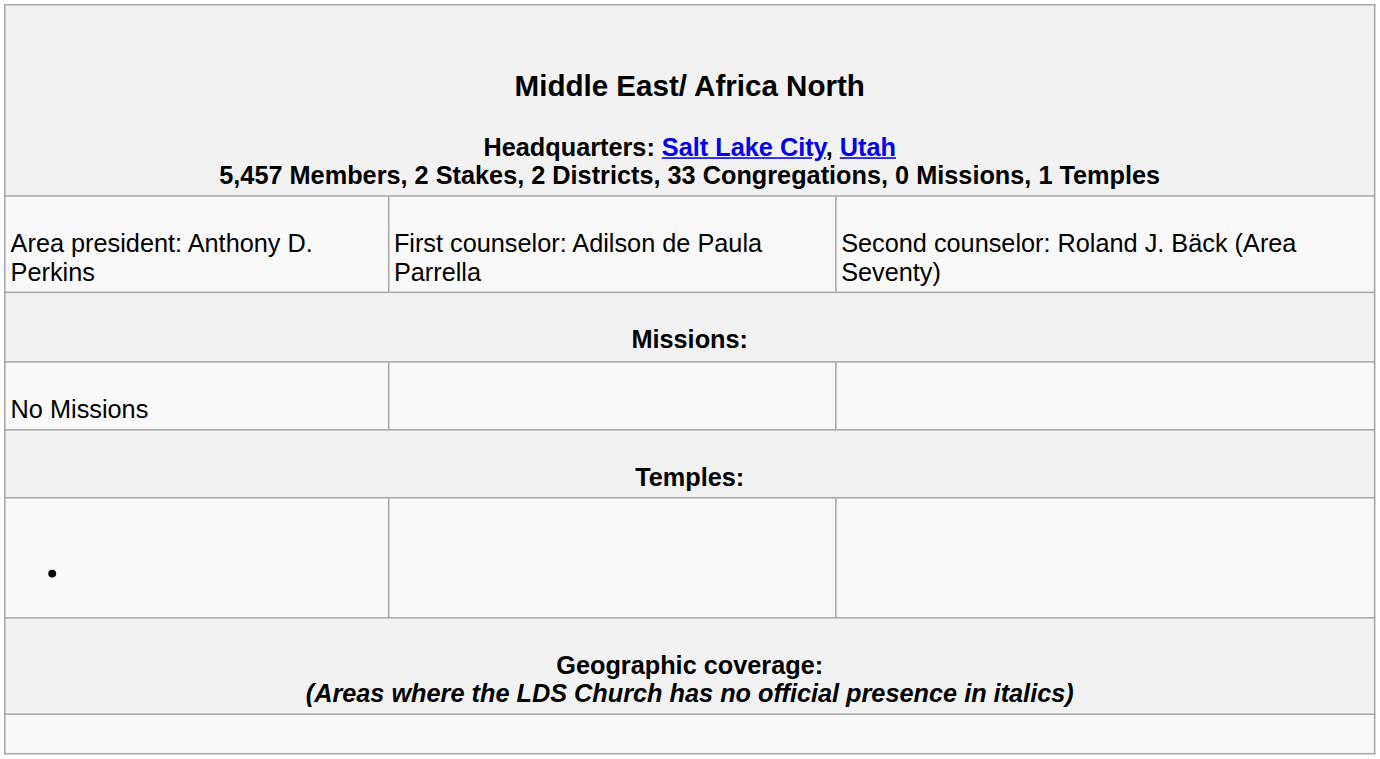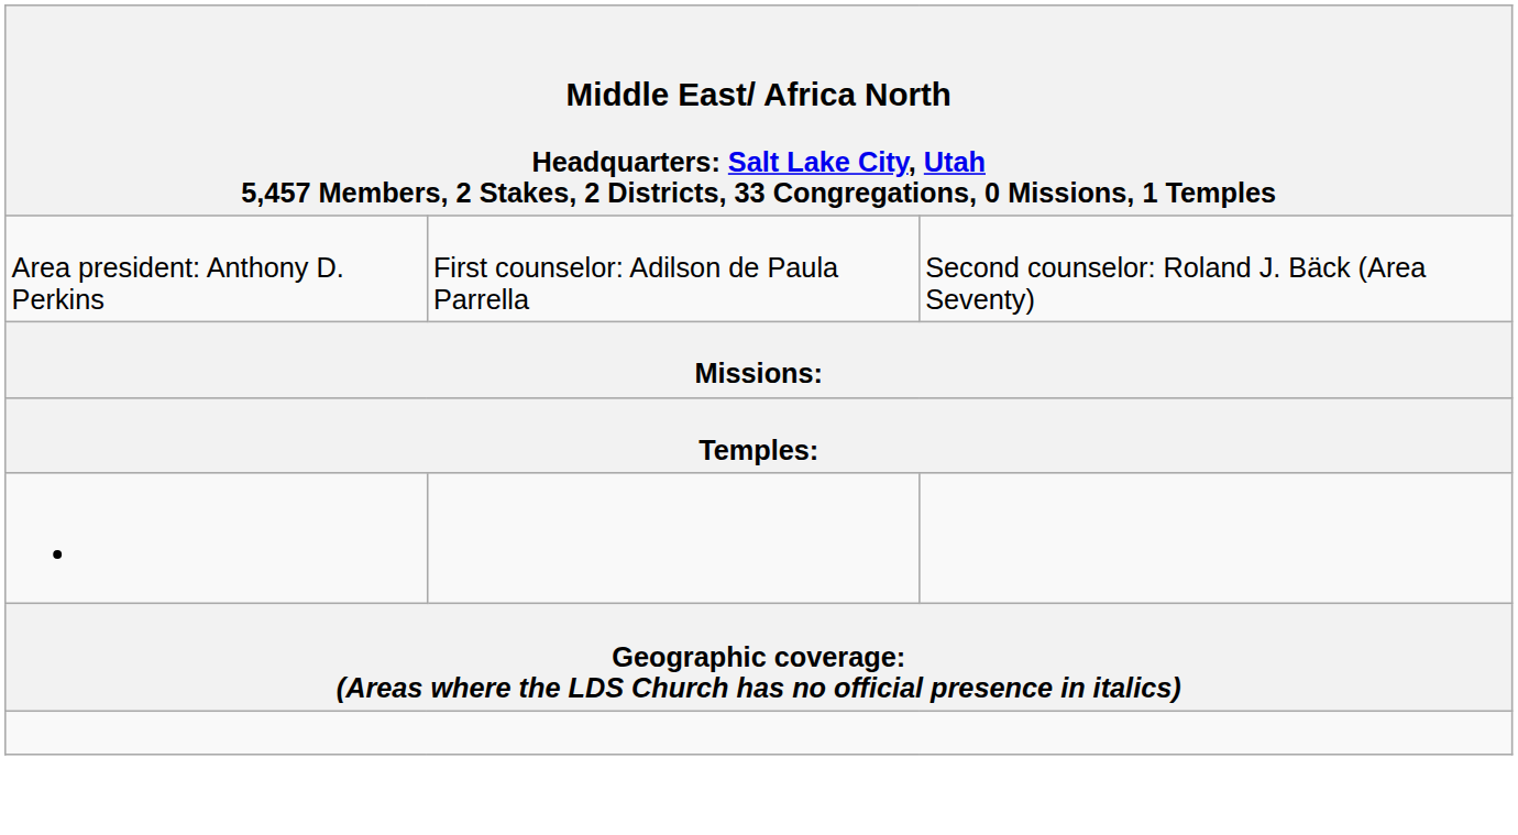 <table class=wikitable>
 <tr>
 <th colspan=3><br><h3>Middle East/ Africa North</h3>Headquarters:  <a href='#'>Salt Lake City</a>, <a href='#'>Utah</a><br>5,457 Members, 2 Stakes, 2 Districts, 33 Congregations, 0 Missions, 1 Temples</th>
 </tr>
 <tr>
 <td style="vertical-align:top"><br>Area president: Anthony D. Perkins</td>
 <td style="vertical-align:top"><br>First counselor: Adilson de Paula Parrella</td>
 <td style="vertical-align:top"><br>Second counselor: Roland J. Bäck (Area Seventy)</td>
 </tr>
 <tr>
 <th colspan=3><br>Missions:</th>
-</tr>
-<tr>
-<td style="vertical-align:top"><br>No Missions</td>
-<td style="vertical-align:top"></td>
-<td style="vertical-align:top"></td>
 </tr>
 <tr>
 <th colspan=3><br>Temples:</th>
 </tr>
 <tr>
 <td style="vertical-align:top"><br><ul><li></li></ul></td>
 <td style="vertical-align:top"></td>
 <td style="vertical-align:top"></td>
 </tr>
 <tr>
 <th colspan=3><br>Geographic coverage:<br><em>(Areas where the LDS Church has no official presence in italics)</em></th>
 </tr>
 <tr>
 <td style="vertical-align:top" colspan=3><br></td>
 </tr>
 </table>
